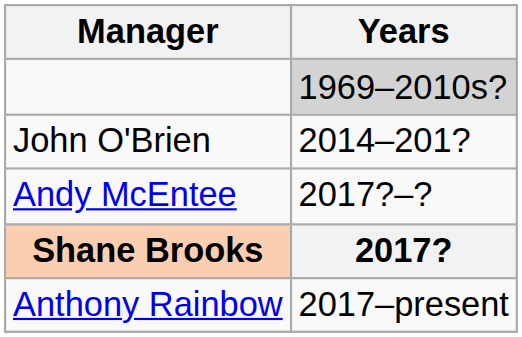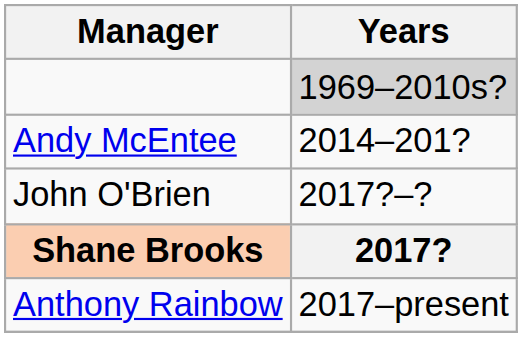 <table class="wikitable">
 <tr>
 <th>Manager</th>
 <th>Years</th>
 </tr>
 <tr>
 <td></td>
 <td style="background: lightgrey;">1969–2010s?</td>
 </tr>
 <tr>
-<td>John O'Brien</td>
+<td><a href='#'>Andy McEntee</a></td>
 <td>2014–201?</td>
 </tr>
 <tr>
-<td><a href='#'>Andy McEntee</a></td>
+<td>John O'Brien</td>
 <td> 2017?–?</td>
 </tr>
 <tr>
 <th scope=row style=background:#FBCEB1>Shane Brooks</th>
 <th>2017?</th>
 </tr>
 <tr>
 <td><a href='#'>Anthony Rainbow</a></td>
 <td>2017–present</td>
 </tr>
 <tr>
 </tr>
 </table>
